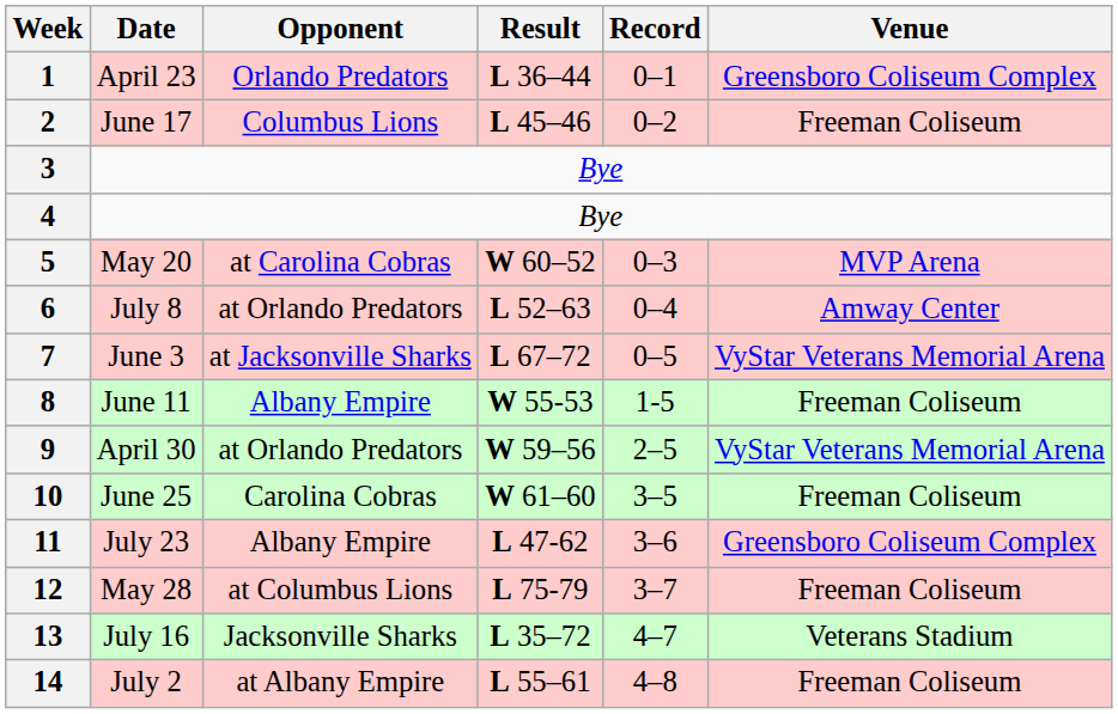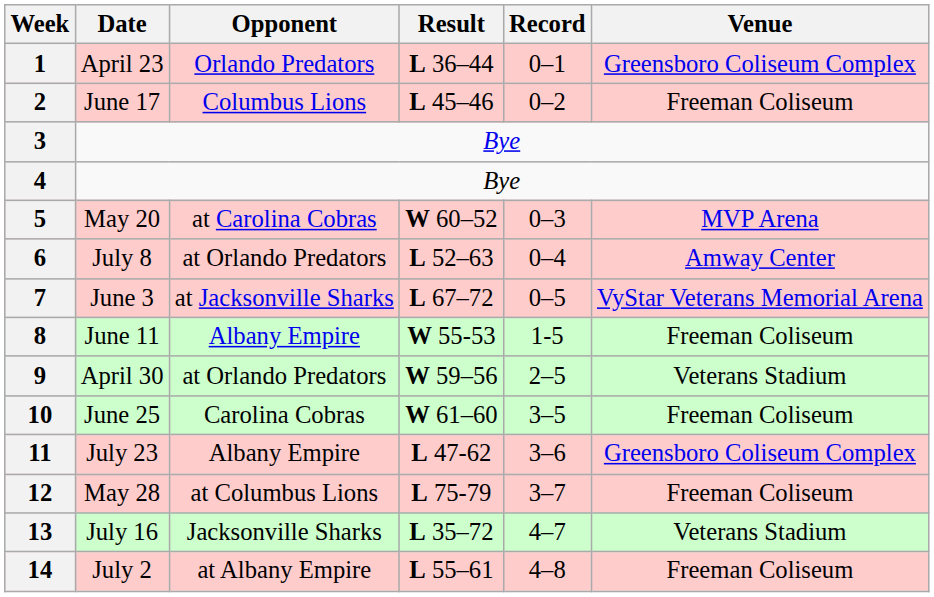 <table class="wikitable" style="text-align:center">
 <tr>
 <th>Week</th>
 <th>Date</th>
 <th>Opponent</th>
 <th>Result</th>
 <th>Record</th>
 <th>Venue</th>
 </tr>
 <tr style="background:#fcc">
 <th>1</th>
 <td>April 23</td>
 <td><a href='#'>Orlando Predators</a></td>
 <td><strong>L</strong> 36–44</td>
 <td>0–1</td>
 <td><a href='#'>Greensboro Coliseum Complex</a></td>
 </tr>
 <tr style="background:#fcc">
 <th>2</th>
 <td>June 17</td>
 <td><a href='#'>Columbus Lions</a></td>
 <td><strong>L</strong> 45–46</td>
 <td>0–2</td>
 <td>Freeman Coliseum</td>
 </tr>
 <tr>
 <th>3</th>
 <td colspan="5"><em><a href='#'>Bye</a></em></td>
 </tr>
 <tr>
 <th>4</th>
 <td colspan="5"><em>Bye</em></td>
 </tr>
 <tr style="background:#fcc">
 <th>5</th>
 <td>May 20</td>
 <td>at <a href='#'>Carolina Cobras</a></td>
 <td><strong>W</strong> 60–52</td>
 <td>0–3</td>
 <td><a href='#'>MVP Arena</a></td>
 </tr>
 <tr style="background:#fcc">
 <th>6</th>
 <td>July 8</td>
 <td>at Orlando Predators</td>
 <td><strong>L</strong> 52–63</td>
 <td>0–4</td>
 <td><a href='#'>Amway Center</a></td>
 </tr>
 <tr style="background:#fcc">
 <th>7</th>
 <td>June 3</td>
 <td>at <a href='#'>Jacksonville Sharks</a></td>
 <td><strong>L</strong> 67–72</td>
 <td>0–5</td>
 <td><a href='#'>VyStar Veterans Memorial Arena</a></td>
 </tr>
 <tr style="background:#cfc">
 <th>8</th>
 <td>June 11</td>
 <td><a href='#'>Albany Empire</a></td>
 <td><strong>W</strong> 55-53</td>
 <td>1-5</td>
 <td>Freeman Coliseum</td>
 </tr>
 <tr style="background:#cfc">
 <th>9</th>
 <td>April 30</td>
 <td>at Orlando Predators</td>
 <td><strong>W</strong> 59–56</td>
 <td>2–5</td>
-<td><a href='#'>VyStar Veterans Memorial Arena</a></td>
+<td>Veterans Stadium</td>
 </tr>
 <tr style="background:#cfc">
 <th>10</th>
 <td>June 25</td>
 <td>Carolina Cobras</td>
 <td><strong>W</strong> 61–60</td>
 <td>3–5</td>
 <td>Freeman Coliseum</td>
 </tr>
 <tr style="background:#fcc">
 <th>11</th>
 <td>July 23</td>
 <td>Albany Empire</td>
 <td><strong>L</strong> 47-62</td>
 <td>3–6</td>
 <td><a href='#'>Greensboro Coliseum Complex</a></td>
 </tr>
 <tr style="background:#fcc">
 <th>12</th>
 <td>May 28</td>
 <td>at Columbus Lions</td>
 <td><strong>L</strong> 75-79</td>
 <td>3–7</td>
 <td>Freeman Coliseum</td>
 </tr>
 <tr style="background:#cfc">
 <th>13</th>
 <td>July 16</td>
 <td>Jacksonville Sharks</td>
 <td><strong>L</strong> 35–72</td>
 <td>4–7</td>
 <td>Veterans Stadium</td>
 </tr>
 <tr style="background:#fcc">
 <th>14</th>
 <td>July 2</td>
 <td>at Albany Empire</td>
 <td><strong>L</strong> 55–61</td>
 <td>4–8</td>
 <td>Freeman Coliseum</td>
 </tr>
 </table>
